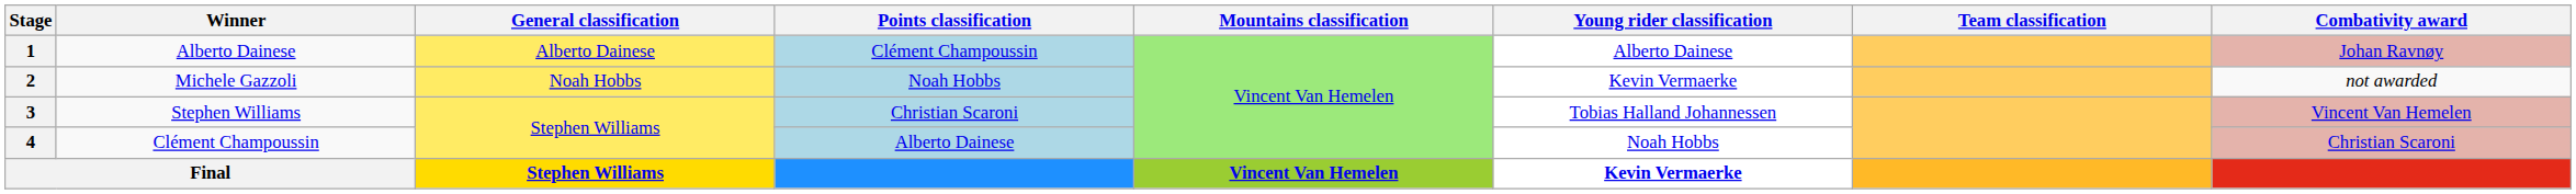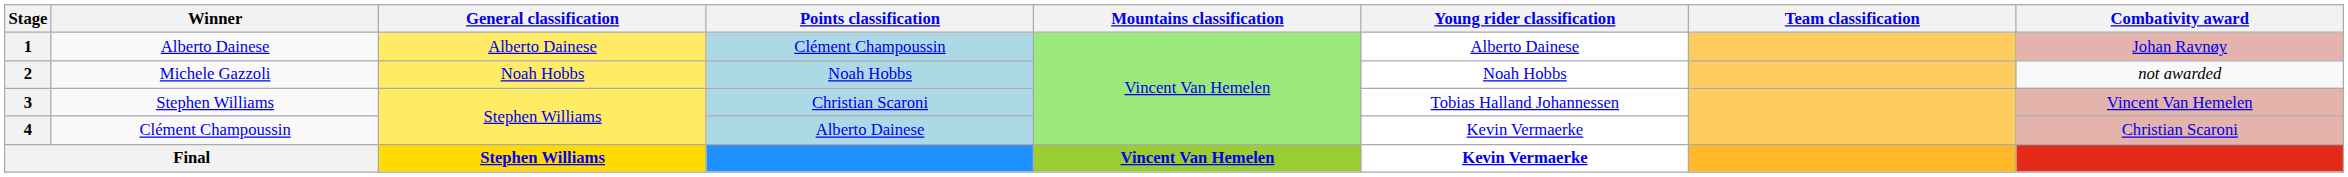 <table class="wikitable" style="text-align: center; font-size:smaller;">
 <tr style="background:#efefef;">
 <th scope="col" style="width:2%;">Stage</th>
 <th scope="col" style="width:14%;">Winner</th>
 <th scope="col" style="width:14%;"><a href='#'>General classification</a><br></th>
 <th scope="col" style="width:14%;"><a href='#'>Points classification</a><br></th>
 <th scope="col" style="width:14%;"><a href='#'>Mountains classification</a><br></th>
 <th scope="col" style="width:14%;"><a href='#'>Young rider classification</a><br></th>
 <th scope="col" style="width:14%;"><a href='#'>Team classification</a><br></th>
 <th scope="col" style="width:14%;"><a href='#'>Combativity award</a><br></th>
 </tr>
 <tr>
 <th>1</th>
 <td><a href='#'>Alberto Dainese</a></td>
 <td style="background:#FFEB64;"><a href='#'>Alberto Dainese</a></td>
 <td style="background:#ADD8E6;"><a href='#'>Clément Champoussin</a></td>
 <td style="background:#9CE97B;" rowspan=4><a href='#'>Vincent Van Hemelen</a></td>
 <td style="background:white;"><a href='#'>Alberto Dainese</a></td>
 <td style="background:#FFCD5F;"></td>
 <td style="background:#E4B3AB;"><a href='#'>Johan Ravnøy</a></td>
 </tr>
 <tr>
 <th>2</th>
 <td><a href='#'>Michele Gazzoli</a></td>
 <td style="background:#FFEB64;"><a href='#'>Noah Hobbs</a></td>
 <td style="background:#ADD8E6;"><a href='#'>Noah Hobbs</a></td>
-<td style="background:white;"><a href='#'>Kevin Vermaerke</a></td>
+<td style="background:white;"><a href='#'>Noah Hobbs</a></td>
 <td style="background:#FFCD5F;"></td>
 <td><em>not awarded</em></td>
 </tr>
 <tr>
 <th>3</th>
 <td><a href='#'>Stephen Williams</a></td>
 <td style="background:#FFEB64;" rowspan=2><a href='#'>Stephen Williams</a></td>
 <td style="background:#ADD8E6;"><a href='#'>Christian Scaroni</a></td>
 <td style="background:white;"><a href='#'>Tobias Halland Johannessen</a></td>
 <td style="background:#FFCD5F;" rowspan=2></td>
 <td style="background:#E4B3AB;"><a href='#'>Vincent Van Hemelen</a></td>
 </tr>
 <tr>
 <th>4</th>
 <td><a href='#'>Clément Champoussin</a></td>
 <td style="background:#ADD8E6;"><a href='#'>Alberto Dainese</a></td>
-<td style="background:white;"><a href='#'>Noah Hobbs</a></td>
+<td style="background:white;"><a href='#'>Kevin Vermaerke</a></td>
 <td style="background:#E4B3AB;"><a href='#'>Christian Scaroni</a></td>
 </tr>
 <tr>
 <th colspan="2">Final</th>
 <th style="background:#FFDB00;"><a href='#'>Stephen Williams</a></th>
 <th style="background:dodgerblue;"></th>
 <th style="background:#9ACD32;"><a href='#'>Vincent Van Hemelen</a></th>
 <th style="background:white;"><a href='#'>Kevin Vermaerke</a></th>
 <th style="background:#FFB927;"></th>
 <th style="background:#E42A19;"></th>
 </tr>
 </table>
